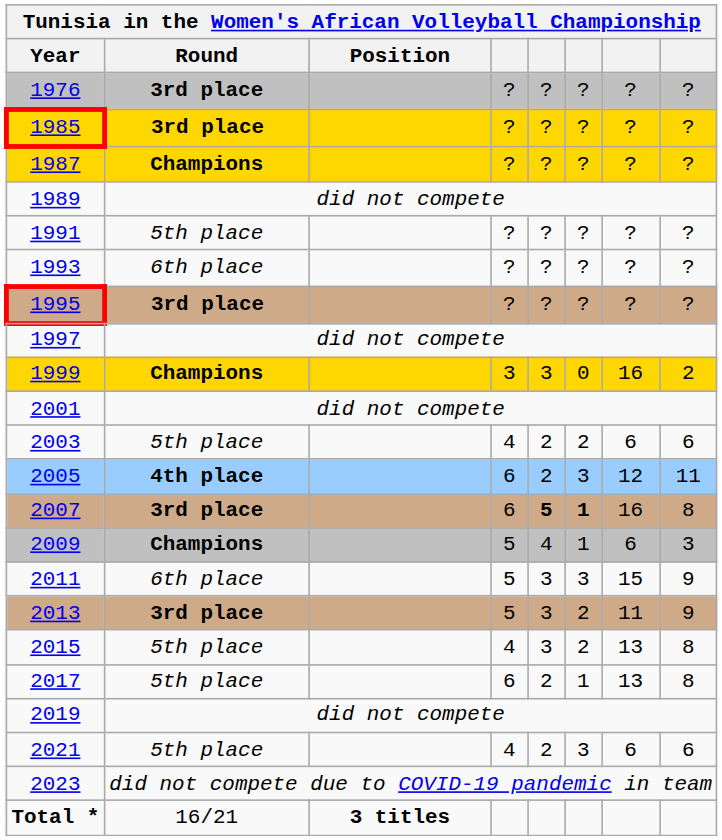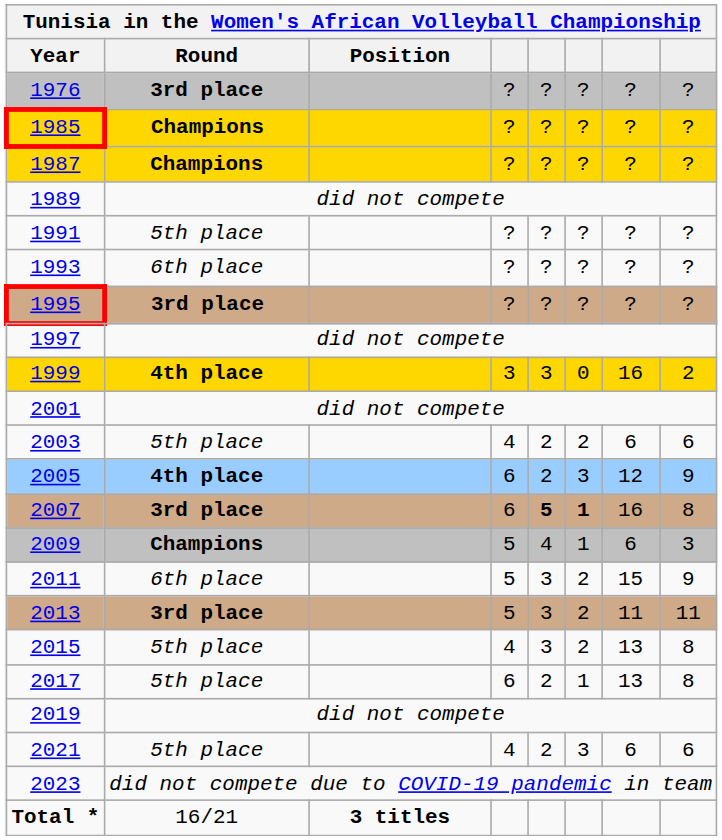 <table class="wikitable" style="text-align: center;">
 <tr>
 <th colspan=10>Tunisia in the <a href='#'>Women's African Volleyball Championship </a></th>
 </tr>
 <tr>
 <th>Year</th>
 <th>Round</th>
 <th>Position</th>
 <th></th>
 <th></th>
 <th></th>
 <th></th>
 <th></th>
 </tr>
 <tr style="background:silver;">
 <td> <a href='#'>1976</a></td>
 <td><strong>3rd place</strong></td>
 <td></td>
 <td>?</td>
 <td>?</td>
 <td>?</td>
 <td>?</td>
 <td>?</td>
 </tr>
 <tr style="background:gold;">
 <td style="border:3px solid red"> <a href='#'>1985</a></td>
-<td><strong>3rd place</strong></td>
+<td><strong>Champions</strong></td>
 <td></td>
 <td>?</td>
 <td>?</td>
 <td>?</td>
 <td>?</td>
 <td>?</td>
 </tr>
 <tr style="background:gold;">
 <td> <a href='#'>1987</a></td>
 <td><strong>Champions</strong></td>
 <td></td>
 <td>?</td>
 <td>?</td>
 <td>?</td>
 <td>?</td>
 <td>?</td>
 </tr>
 <tr style="background:">
 <td> <a href='#'>1989</a></td>
 <td colspan="8" rowspan=1><em>did not compete</em></td>
 </tr>
 <tr style="background:">
 <td> <a href='#'>1991</a></td>
 <td><em>5th place</em></td>
 <td></td>
 <td>?</td>
 <td>?</td>
 <td>?</td>
 <td>?</td>
 <td>?</td>
 </tr>
 <tr style="background:">
 <td> <a href='#'>1993</a></td>
 <td><em>6th place</em></td>
 <td></td>
 <td>?</td>
 <td>?</td>
 <td>?</td>
 <td>?</td>
 <td>?</td>
 </tr>
 <tr style="background:#cfaa88;">
 <td style="border:3px solid red"> <a href='#'>1995</a></td>
 <td><strong>3rd place</strong></td>
 <td></td>
 <td>?</td>
 <td>?</td>
 <td>?</td>
 <td>?</td>
 <td>?</td>
 </tr>
 <tr>
 </tr>
 <tr style="background:">
 <td> <a href='#'>1997</a></td>
 <td colspan="8" rowspan=1><em>did not compete</em></td>
 </tr>
 <tr style="background:gold;">
 <td> <a href='#'>1999</a></td>
-<td><strong>Champions</strong></td>
+<td><strong>4th place</strong></td>
 <td></td>
 <td>3</td>
 <td>3</td>
 <td>0</td>
 <td>16</td>
 <td>2</td>
 </tr>
 <tr style="background:">
 <td> <a href='#'>2001</a></td>
 <td colspan="8" rowspan=1><em>did not compete</em></td>
 </tr>
 <tr style="background:">
 <td> <a href='#'>2003</a></td>
 <td><em>5th place</em></td>
 <td></td>
 <td>4</td>
 <td>2</td>
 <td>2</td>
 <td>6</td>
 <td>6</td>
 </tr>
 <tr style="background:#9acdff">
 <td> <a href='#'>2005</a></td>
 <td><strong>4th place</strong></td>
 <td></td>
 <td>6</td>
 <td>2</td>
 <td>3</td>
 <td>12</td>
-<td>11</td>
+<td>9</td>
 </tr>
 <tr style="background:#cfaa88;">
 <td> <a href='#'>2007</a></td>
 <td><strong>3rd place</strong></td>
 <td></td>
 <td>6</td>
 <td><strong>5</strong></td>
 <td><strong>1</strong></td>
 <td>16</td>
 <td>8</td>
 </tr>
 <tr style="background:silver;">
 <td> <a href='#'>2009</a></td>
 <td><strong>Champions</strong></td>
 <td></td>
 <td>5</td>
 <td>4</td>
 <td>1</td>
 <td>6</td>
 <td>3</td>
 </tr>
 <tr style="background:">
 <td> <a href='#'>2011</a></td>
 <td><em>6th place</em></td>
 <td></td>
 <td>5</td>
 <td>3</td>
-<td>3</td>
+<td>2</td>
 <td>15</td>
 <td>9</td>
 </tr>
 <tr style="background:#cfaa88;">
 <td> <a href='#'>2013</a></td>
 <td><strong>3rd place</strong></td>
 <td></td>
 <td>5</td>
 <td>3</td>
 <td>2</td>
 <td>11</td>
-<td>9</td>
+<td>11</td>
 </tr>
 <tr style="background:">
 <td> <a href='#'>2015</a></td>
 <td><em>5th place</em></td>
 <td></td>
 <td>4</td>
 <td>3</td>
 <td>2</td>
 <td>13</td>
 <td>8</td>
 </tr>
 <tr style="background:">
 <td> <a href='#'>2017</a></td>
 <td><em>5th place</em></td>
 <td></td>
 <td>6</td>
 <td>2</td>
 <td>1</td>
 <td>13</td>
 <td>8</td>
 </tr>
 <tr style="background:">
 <td> <a href='#'>2019</a></td>
 <td colspan="8" rowspan=1><em>did not compete</em></td>
 </tr>
 <tr style="background:">
 <td> <a href='#'>2021</a></td>
 <td><em>5th place</em></td>
 <td></td>
 <td>4</td>
 <td>2</td>
 <td>3</td>
 <td>6</td>
 <td>6</td>
 </tr>
 <tr style="background:">
 <td> <a href='#'>2023</a></td>
 <td colspan="8" rowspan=1><em>did not compete due to <a href='#'>COVID-19 pandemic</a> in team</em></td>
 </tr>
 <tr style="background:">
 <td><strong>Total *</strong></td>
 <td>16/21</td>
 <td><strong>3 titles</strong></td>
 <td></td>
 <td></td>
 <td></td>
 <td></td>
 <td></td>
 </tr>
 </table>
